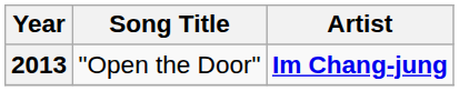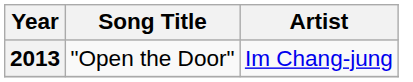 <table class="wikitable sortable plainrowheaders">
 <tr>
 <th>Year</th>
 <th>Song Title</th>
 <th>Artist</th>
 </tr>
 <tr>
 <th scope="row">2013</th>
 <td>"Open the Door"</td>
-<td><strong><a href='#'>Im Chang-jung</a></strong></td>
+<td><a href='#'>Im Chang-jung</a></td>
 </tr>
 <tr>
 </tr>
 </table>
